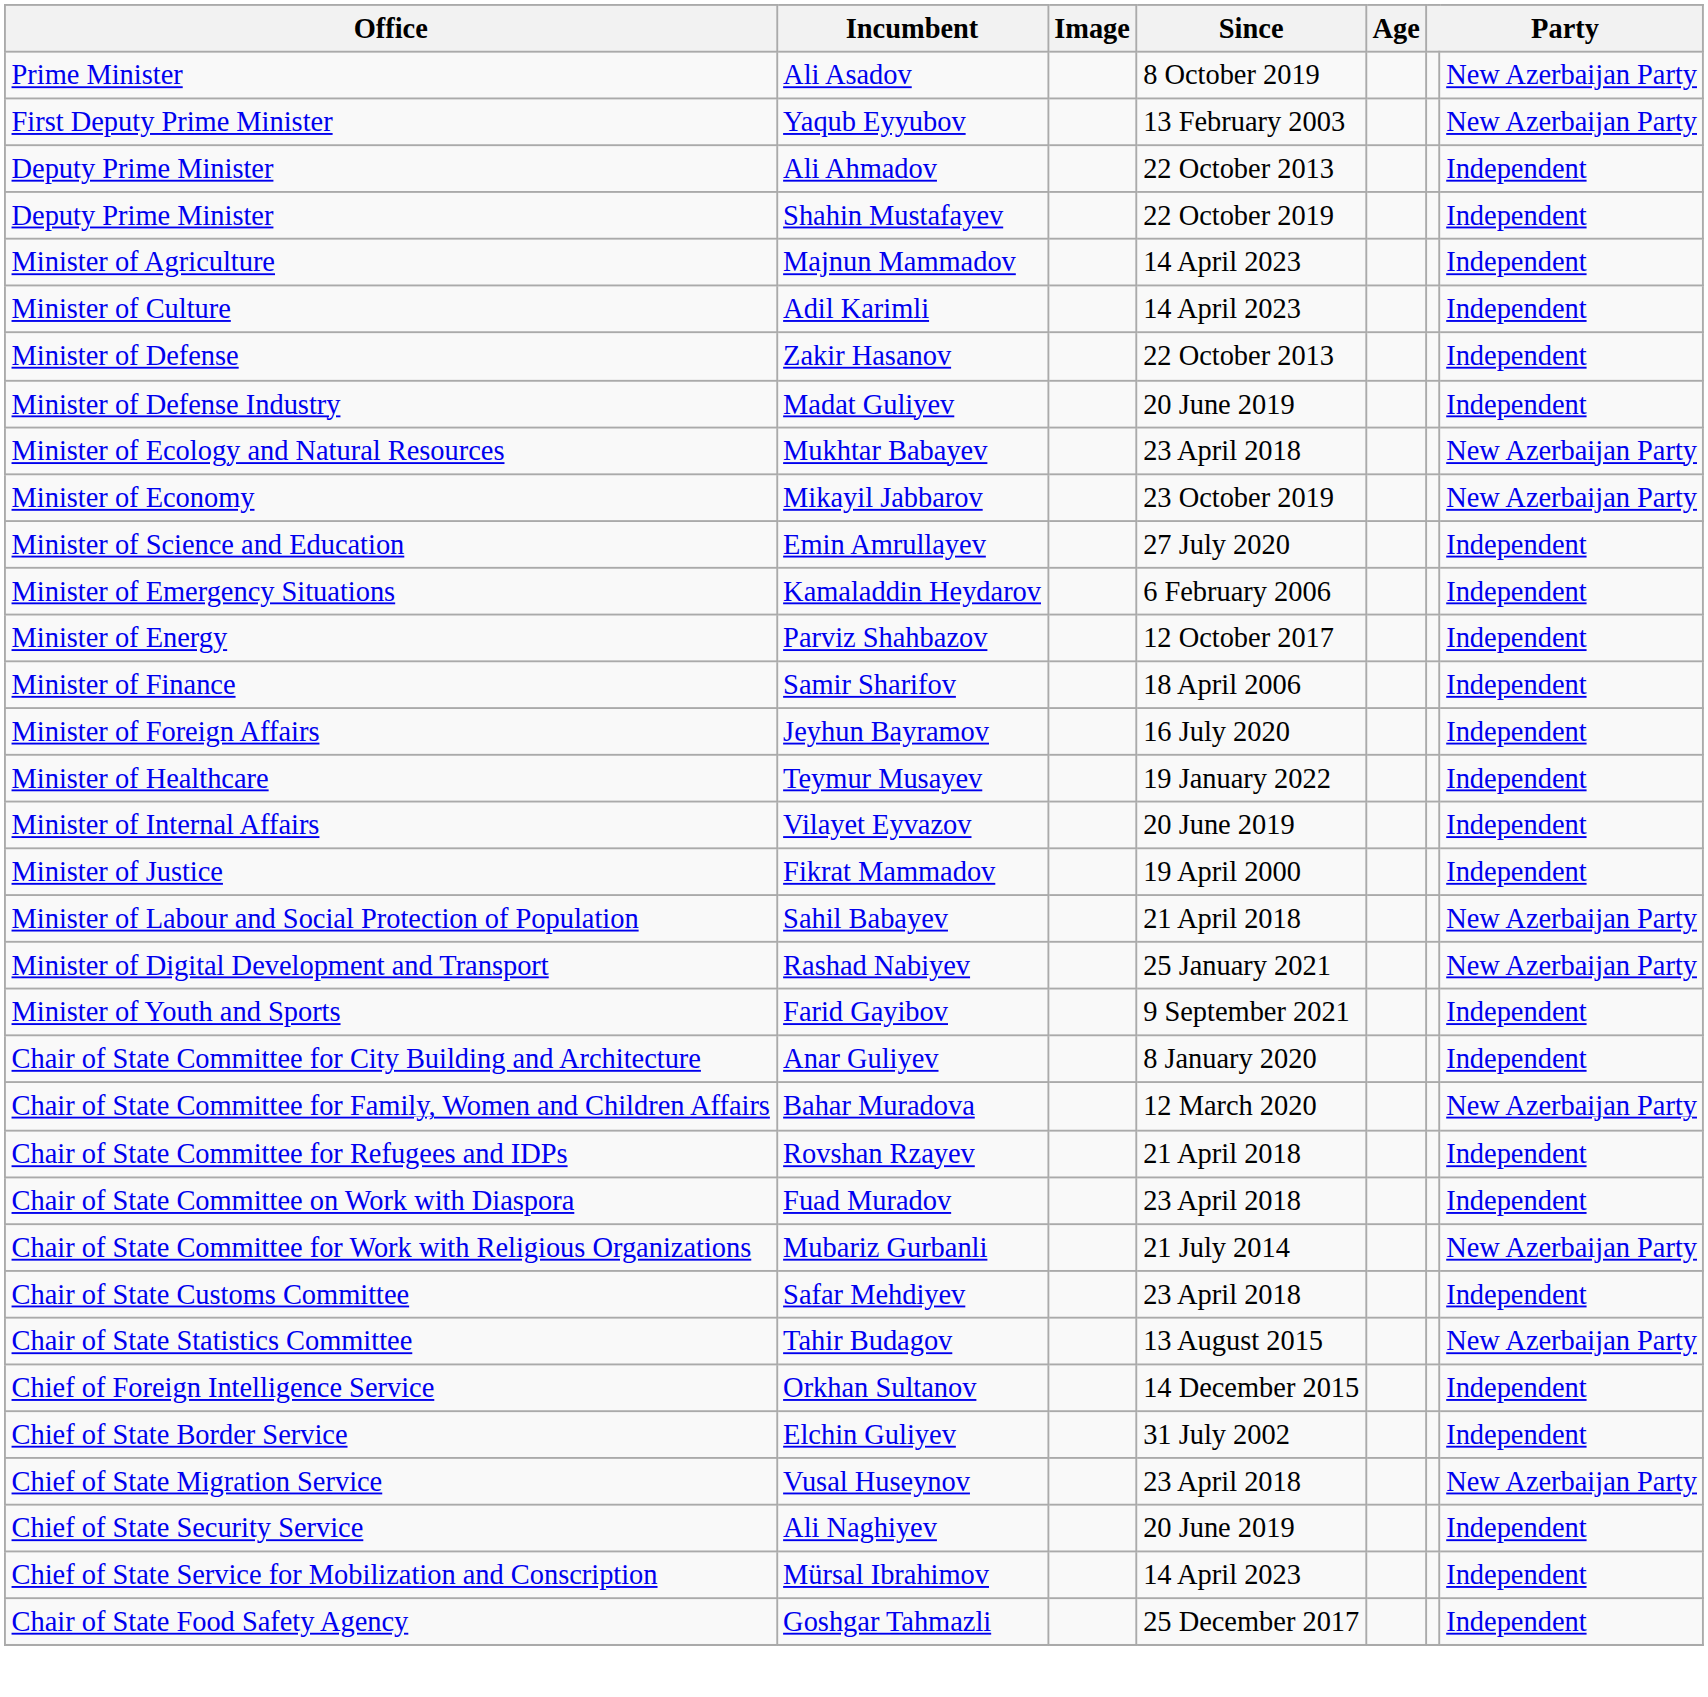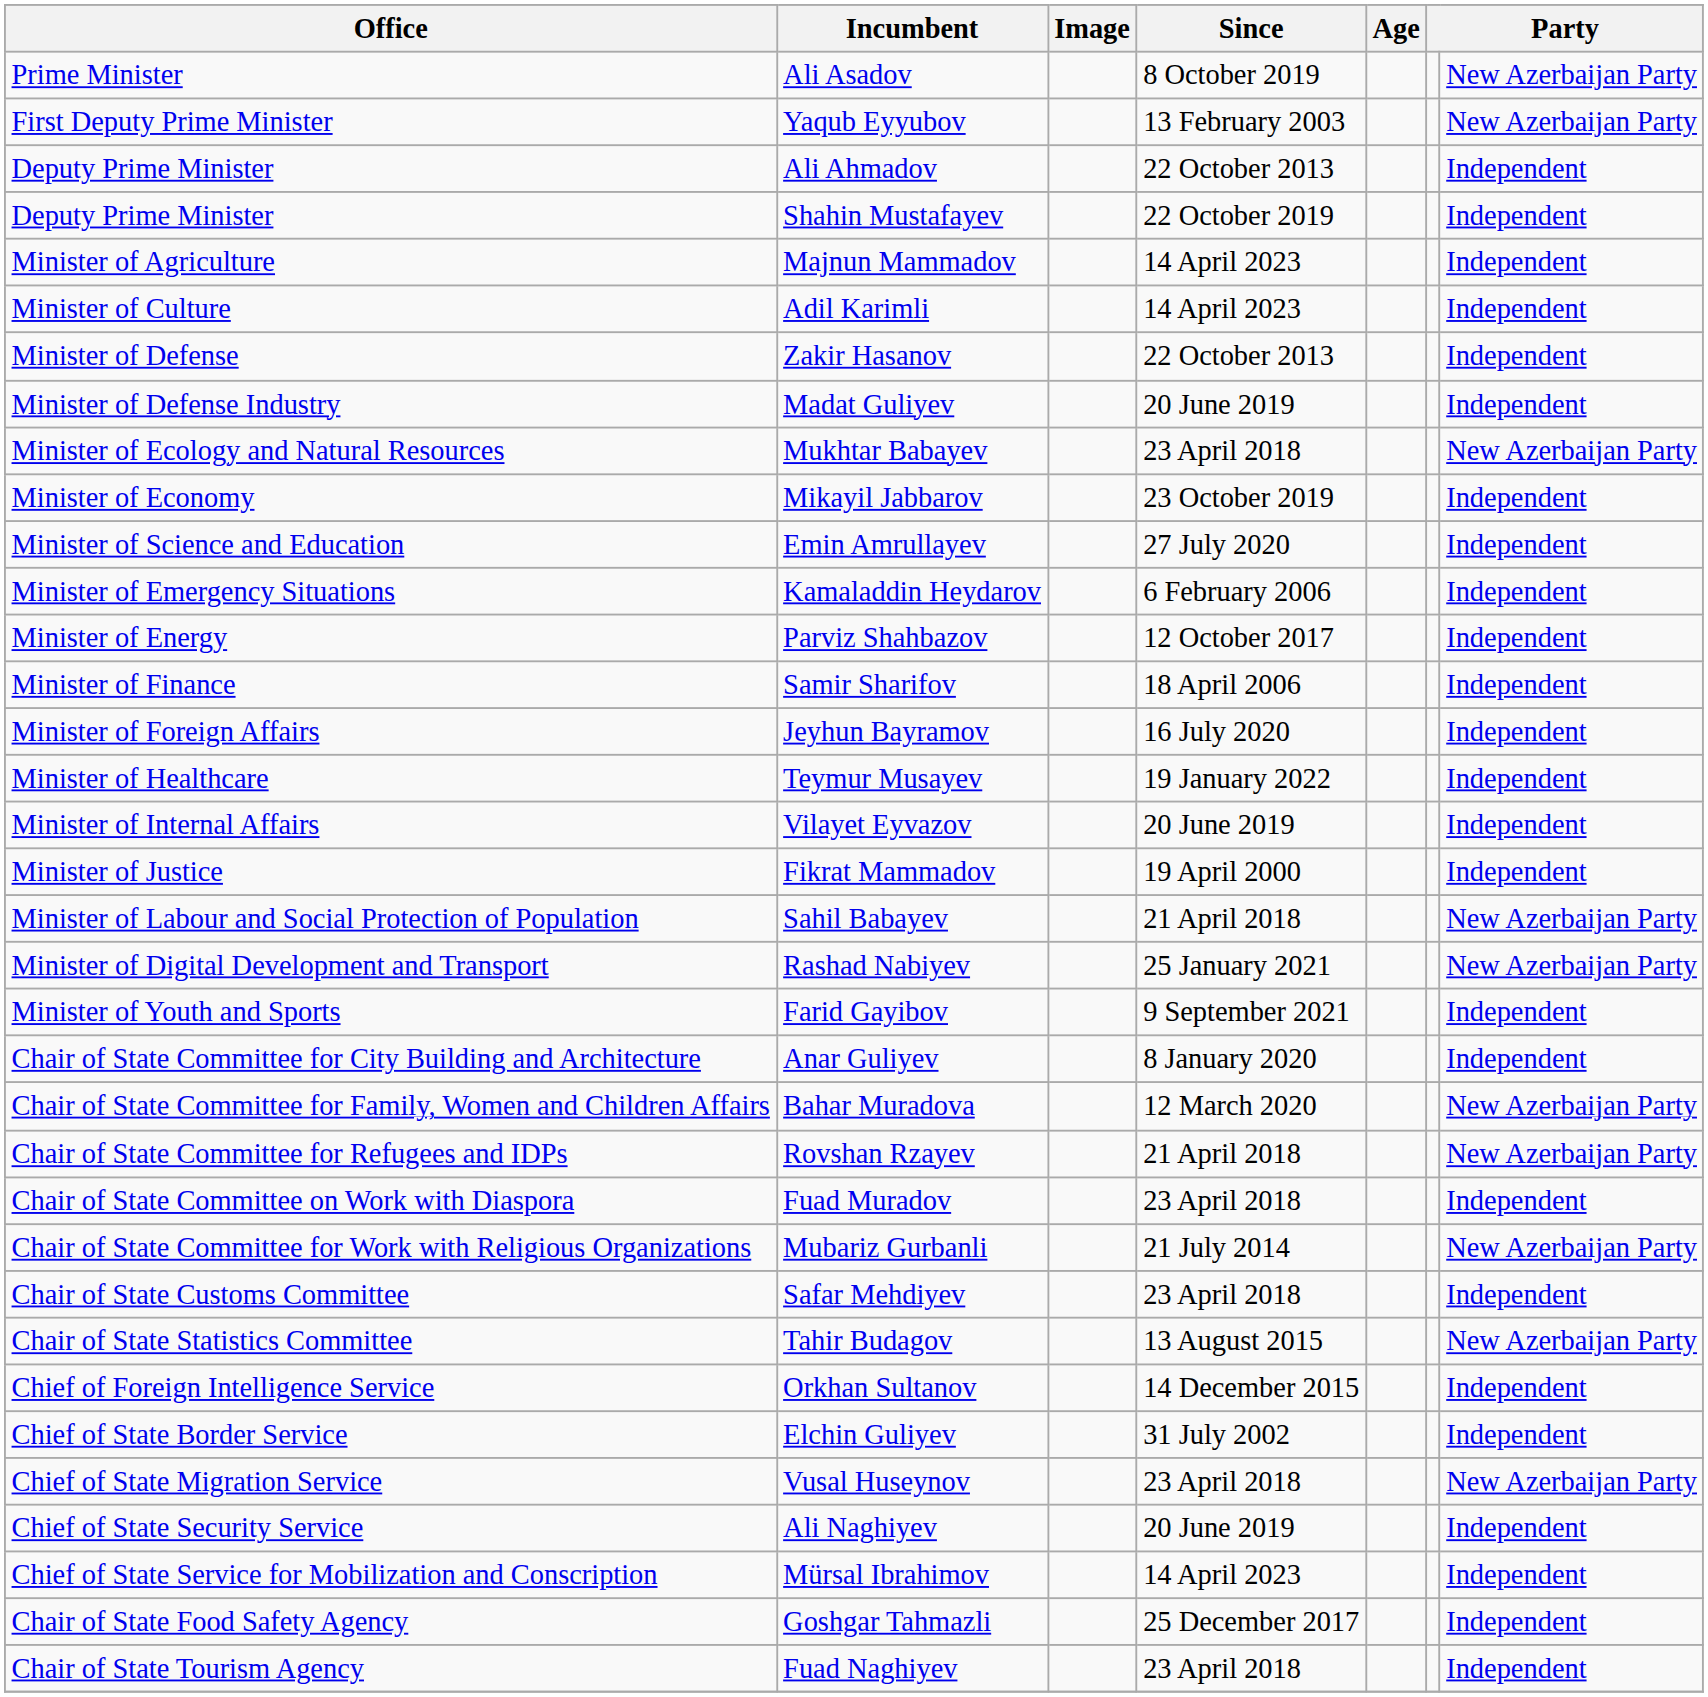 <table class="wikitable" style="font-size: 95%;">
 <tr>
 <th colspan=1>Office</th>
 <th colspan=1>Incumbent</th>
 <th colspan=1>Image</th>
 <th colspan=1>Since</th>
 <th colspan=1>Age</th>
 <th colspan=2>Party</th>
 </tr>
 <tr>
 <td><a href='#'>Prime Minister</a></td>
 <td><a href='#'>Ali Asadov</a></td>
 <td></td>
 <td>8 October 2019</td>
 <td></td>
 <td style="background:"></td>
 <td><a href='#'>New Azerbaijan Party</a></td>
 </tr>
 <tr>
 <td><a href='#'>First Deputy Prime Minister</a></td>
 <td><a href='#'>Yaqub Eyyubov</a></td>
 <td></td>
 <td>13 February 2003</td>
 <td></td>
 <td style="background:"></td>
 <td><a href='#'>New Azerbaijan Party</a></td>
 </tr>
 <tr>
 <td><a href='#'>Deputy Prime Minister</a></td>
 <td><a href='#'>Ali Ahmadov</a></td>
 <td></td>
 <td>22 October 2013</td>
 <td></td>
 <td style="background:"></td>
 <td><a href='#'>Independent</a></td>
 </tr>
 <tr>
 <td><a href='#'>Deputy Prime Minister</a></td>
 <td><a href='#'>Shahin Mustafayev</a></td>
 <td></td>
 <td>22 October 2019</td>
 <td></td>
 <td style="background:"></td>
 <td><a href='#'>Independent</a></td>
 </tr>
 <tr>
 <td><a href='#'>Minister of Agriculture</a></td>
 <td><a href='#'>Majnun Mammadov</a></td>
 <td></td>
 <td>14 April 2023</td>
 <td></td>
 <td style="background:"></td>
 <td><a href='#'>Independent</a></td>
 </tr>
 <tr>
 <td><a href='#'>Minister of Culture</a></td>
 <td><a href='#'>Adil Karimli</a></td>
 <td></td>
 <td>14 April 2023</td>
 <td></td>
 <td style="background:"></td>
 <td><a href='#'>Independent</a></td>
 </tr>
 <tr>
 <td><a href='#'>Minister of Defense</a></td>
 <td><a href='#'>Zakir Hasanov</a></td>
 <td></td>
 <td>22 October 2013</td>
 <td></td>
 <td style="background:"></td>
 <td><a href='#'>Independent</a></td>
 </tr>
 <tr>
 <td><a href='#'>Minister of Defense Industry</a></td>
 <td><a href='#'>Madat Guliyev</a></td>
 <td></td>
 <td>20 June 2019</td>
 <td></td>
 <td style="background:"></td>
 <td><a href='#'>Independent</a></td>
 </tr>
 <tr>
 <td><a href='#'>Minister of Ecology and Natural Resources</a></td>
 <td><a href='#'>Mukhtar Babayev</a></td>
 <td></td>
 <td>23 April 2018</td>
 <td></td>
 <td style="background:"></td>
 <td><a href='#'>New Azerbaijan Party</a></td>
 </tr>
 <tr>
 <td><a href='#'>Minister of Economy</a></td>
 <td><a href='#'>Mikayil Jabbarov</a></td>
 <td></td>
 <td>23 October 2019</td>
 <td></td>
 <td style="background:"></td>
-<td><a href='#'>New Azerbaijan Party</a></td>
+<td><a href='#'>Independent</a></td>
 </tr>
 <tr>
 <td><a href='#'>Minister of Science and Education</a></td>
 <td><a href='#'>Emin Amrullayev</a></td>
 <td></td>
 <td>27 July 2020</td>
 <td></td>
 <td style="background:"></td>
 <td><a href='#'>Independent</a></td>
 </tr>
 <tr>
 <td><a href='#'>Minister of Emergency Situations</a></td>
 <td><a href='#'>Kamaladdin Heydarov</a></td>
 <td></td>
 <td>6 February 2006</td>
 <td></td>
 <td style="background:"></td>
 <td><a href='#'>Independent</a></td>
 </tr>
 <tr>
 <td><a href='#'>Minister of Energy</a></td>
 <td><a href='#'>Parviz Shahbazov</a></td>
 <td></td>
 <td>12 October 2017</td>
 <td></td>
 <td style="background:"></td>
 <td><a href='#'>Independent</a></td>
 </tr>
 <tr>
 <td><a href='#'>Minister of Finance</a></td>
 <td><a href='#'>Samir Sharifov</a></td>
 <td></td>
 <td>18 April 2006</td>
 <td></td>
 <td style="background:"></td>
 <td><a href='#'>Independent</a></td>
 </tr>
 <tr>
 <td><a href='#'>Minister of Foreign Affairs</a></td>
 <td><a href='#'>Jeyhun Bayramov</a></td>
 <td></td>
 <td>16 July 2020</td>
 <td></td>
 <td style="background:"></td>
 <td><a href='#'>Independent</a></td>
 </tr>
 <tr |>
 <td><a href='#'>Minister of Healthcare</a></td>
 <td><a href='#'>Teymur Musayev</a></td>
 <td></td>
 <td>19 January 2022</td>
 <td></td>
 <td style="background:"></td>
 <td><a href='#'>Independent</a></td>
 </tr>
 <tr>
 <td><a href='#'>Minister of Internal Affairs</a></td>
 <td><a href='#'>Vilayet Eyvazov</a></td>
 <td></td>
 <td>20 June 2019</td>
 <td></td>
 <td style="background:"></td>
 <td><a href='#'>Independent</a></td>
 </tr>
 <tr>
 <td><a href='#'>Minister of Justice</a></td>
 <td><a href='#'>Fikrat Mammadov</a></td>
 <td></td>
 <td>19 April 2000</td>
 <td></td>
 <td style="background:"></td>
 <td><a href='#'>Independent</a></td>
 </tr>
 <tr>
 <td><a href='#'>Minister of Labour and Social Protection of Population</a></td>
 <td><a href='#'>Sahil Babayev</a></td>
 <td></td>
 <td>21 April 2018</td>
 <td></td>
 <td style="background:"></td>
 <td><a href='#'>New Azerbaijan Party</a></td>
 </tr>
 <tr>
 <td><a href='#'>Minister of Digital Development and Transport</a></td>
 <td><a href='#'>Rashad Nabiyev</a></td>
 <td></td>
 <td>25 January 2021</td>
 <td></td>
 <td style="background:"></td>
 <td><a href='#'>New Azerbaijan Party</a></td>
 </tr>
 <tr>
 <td><a href='#'>Minister of Youth and Sports</a></td>
 <td><a href='#'>Farid Gayibov</a></td>
 <td></td>
 <td>9 September 2021</td>
 <td></td>
 <td style="background:"></td>
 <td><a href='#'>Independent</a></td>
 </tr>
 <tr>
 <td><a href='#'>Chair of State Committee for City Building and Architecture</a></td>
 <td><a href='#'>Anar Guliyev</a></td>
 <td></td>
 <td>8 January 2020</td>
 <td></td>
 <td style="background:"></td>
 <td><a href='#'>Independent</a></td>
 </tr>
 <tr>
 <td><a href='#'>Chair of State Committee for Family, Women and Children Affairs</a></td>
 <td><a href='#'>Bahar Muradova</a></td>
 <td></td>
 <td>12 March 2020</td>
 <td></td>
 <td style="background:"></td>
 <td><a href='#'>New Azerbaijan Party</a></td>
 </tr>
 <tr>
 <td><a href='#'>Chair of State Committee for Refugees and IDPs</a></td>
 <td><a href='#'>Rovshan Rzayev</a></td>
 <td></td>
 <td>21 April 2018</td>
 <td></td>
 <td style="background:"></td>
-<td><a href='#'>Independent</a></td>
+<td><a href='#'>New Azerbaijan Party</a></td>
 </tr>
 <tr>
 <td><a href='#'>Chair of State Committee on Work with Diaspora</a></td>
 <td><a href='#'>Fuad Muradov</a></td>
 <td></td>
 <td>23 April 2018</td>
 <td></td>
 <td style="background:"></td>
 <td><a href='#'>Independent</a></td>
 </tr>
 <tr>
 <td><a href='#'>Chair of State Committee for Work with Religious Organizations</a></td>
 <td><a href='#'>Mubariz Gurbanli</a></td>
 <td></td>
 <td>21 July 2014</td>
 <td></td>
 <td style="background:"></td>
 <td><a href='#'>New Azerbaijan Party</a></td>
 </tr>
 <tr>
 <td><a href='#'>Chair of State Customs Committee</a></td>
 <td><a href='#'>Safar Mehdiyev</a></td>
 <td></td>
 <td>23 April 2018</td>
 <td></td>
 <td style="background:"></td>
 <td><a href='#'>Independent</a></td>
 </tr>
 <tr>
 <td><a href='#'>Chair of State Statistics Committee</a></td>
 <td><a href='#'>Tahir Budagov</a></td>
 <td></td>
 <td>13 August 2015</td>
 <td></td>
 <td style="background:"></td>
 <td><a href='#'>New Azerbaijan Party</a></td>
 </tr>
 <tr>
 <td><a href='#'>Chief of Foreign Intelligence Service</a></td>
 <td><a href='#'>Orkhan Sultanov</a></td>
 <td></td>
 <td>14 December 2015</td>
 <td></td>
 <td style="background:"></td>
 <td><a href='#'>Independent</a></td>
 </tr>
 <tr>
 <td><a href='#'>Chief of State Border Service</a></td>
 <td><a href='#'>Elchin Guliyev</a></td>
 <td></td>
 <td>31 July 2002</td>
 <td></td>
 <td style="background:"></td>
 <td><a href='#'>Independent</a></td>
 </tr>
 <tr>
 <td><a href='#'>Chief of State Migration Service</a></td>
 <td><a href='#'>Vusal Huseynov</a></td>
 <td></td>
 <td>23 April 2018</td>
 <td></td>
 <td style="background:"></td>
 <td><a href='#'>New Azerbaijan Party</a></td>
 </tr>
 <tr>
 <td><a href='#'>Chief of State Security Service</a></td>
 <td><a href='#'>Ali Naghiyev</a></td>
 <td></td>
 <td>20 June 2019</td>
 <td></td>
 <td style="background:"></td>
 <td><a href='#'>Independent</a></td>
 </tr>
 <tr>
 <td><a href='#'>Chief of State Service for Mobilization and Conscription</a></td>
 <td><a href='#'>Mürsal Ibrahimov</a></td>
 <td></td>
 <td>14 April 2023</td>
 <td></td>
 <td style="background:"></td>
 <td><a href='#'>Independent</a></td>
 </tr>
 <tr>
 <td><a href='#'>Chair of State Food Safety Agency</a></td>
 <td><a href='#'>Goshgar Tahmazli</a></td>
 <td></td>
 <td>25 December 2017</td>
 <td></td>
 <td style="background:"></td>
 <td><a href='#'>Independent</a></td>
 </tr>
 <tr>
+<td><a href='#'>Chair of State Tourism Agency</a></td>
+<td><a href='#'>Fuad Naghiyev</a></td>
+<td></td>
+<td>23 April 2018</td>
+<td></td>
+<td style="background:"></td>
+<td><a href='#'>Independent</a></td>
+</tr>
+<tr>
 </tr>
 </table>
